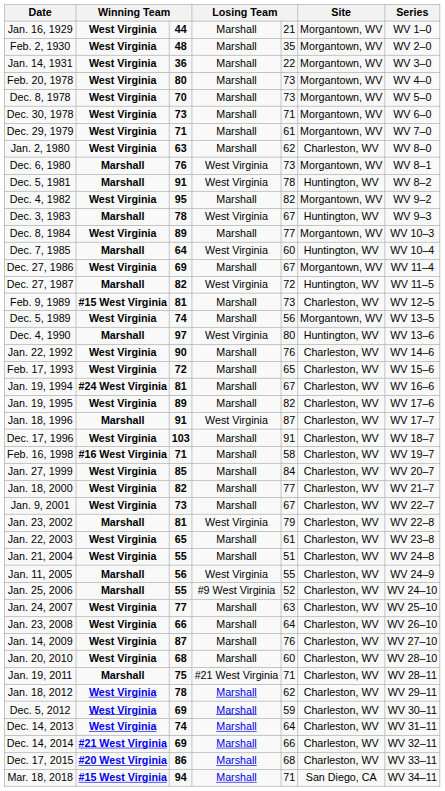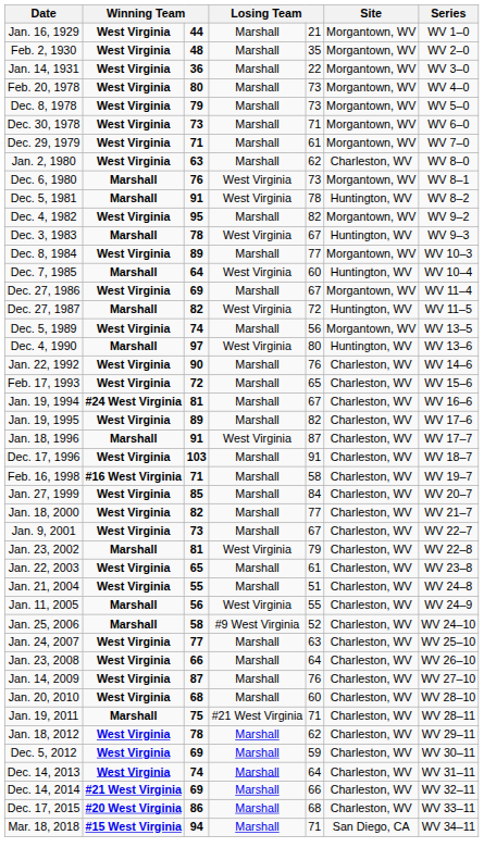 <table class="wikitable">
 <tr>
 <th bgcolor="#e5e5e5">Date</th>
 <th colspan="2" bgcolor="#e5e5e5">Winning Team</th>
 <th colspan="2" bgcolor="#e5e5e5">Losing Team</th>
 <th bgcolor="#e5e5e5">Site</th>
 <th bgcolor="#e5e5e5">Series</th>
 </tr>
 <tr align=center>
 <td>Jan. 16, 1929</td>
 <td><strong>West Virginia</strong></td>
 <td><strong>44</strong></td>
 <td>Marshall</td>
 <td>21</td>
 <td>Morgantown, WV</td>
 <td>WV 1–0</td>
 </tr>
 <tr align=center>
 <td>Feb. 2, 1930</td>
 <td><strong>West Virginia</strong></td>
 <td><strong>48</strong></td>
 <td>Marshall</td>
 <td>35</td>
 <td>Morgantown, WV</td>
 <td>WV 2–0</td>
 </tr>
 <tr align=center |->
 <td>Jan. 14, 1931</td>
 <td><strong>West Virginia</strong></td>
 <td><strong>36</strong></td>
 <td>Marshall</td>
 <td>22</td>
 <td>Morgantown, WV</td>
 <td>WV 3–0</td>
 </tr>
 <tr align=center>
 <td>Feb. 20, 1978</td>
 <td><strong>West Virginia</strong></td>
 <td><strong>80</strong></td>
 <td>Marshall</td>
 <td>73</td>
 <td>Morgantown, WV</td>
 <td>WV 4–0</td>
 </tr>
 <tr align=center>
 <td>Dec. 8, 1978</td>
 <td><strong>West Virginia</strong></td>
-<td><strong>70</strong></td>
+<td><strong>79</strong></td>
 <td>Marshall</td>
 <td>73</td>
 <td>Morgantown, WV</td>
 <td>WV 5–0</td>
 </tr>
 <tr align=center>
 <td>Dec. 30, 1978</td>
 <td><strong>West Virginia</strong></td>
 <td><strong>73</strong></td>
 <td>Marshall</td>
 <td>71</td>
 <td>Morgantown, WV</td>
 <td>WV 6–0</td>
 </tr>
 <tr align=center>
 <td>Dec. 29, 1979</td>
 <td><strong>West Virginia</strong></td>
 <td><strong>71</strong></td>
 <td>Marshall</td>
 <td>61</td>
 <td>Morgantown, WV</td>
 <td>WV 7–0</td>
 </tr>
 <tr align=center>
 <td>Jan. 2, 1980</td>
 <td><strong>West Virginia</strong></td>
 <td><strong>63</strong></td>
 <td>Marshall</td>
 <td>62</td>
 <td>Charleston, WV</td>
 <td>WV 8–0</td>
 </tr>
 <tr align=center>
 <td>Dec. 6, 1980</td>
 <td><strong>Marshall</strong></td>
 <td><strong>76</strong></td>
 <td>West Virginia</td>
 <td>73</td>
 <td>Morgantown, WV</td>
 <td>WV 8–1</td>
 </tr>
 <tr align=center>
 <td>Dec. 5, 1981</td>
 <td><strong>Marshall</strong></td>
 <td><strong>91</strong></td>
 <td>West Virginia</td>
 <td>78</td>
 <td>Huntington, WV</td>
 <td>WV 8–2</td>
 </tr>
 <tr align=center>
 <td>Dec. 4, 1982</td>
 <td><strong>West Virginia</strong></td>
 <td><strong>95</strong></td>
 <td>Marshall</td>
 <td>82</td>
 <td>Morgantown, WV</td>
 <td>WV 9–2</td>
 </tr>
 <tr align=center>
 <td>Dec. 3, 1983</td>
 <td><strong>Marshall</strong></td>
 <td><strong>78</strong></td>
 <td>West Virginia</td>
 <td>67</td>
 <td>Huntington, WV</td>
 <td>WV 9–3</td>
 </tr>
 <tr align=center>
 <td>Dec. 8, 1984</td>
 <td><strong>West Virginia</strong></td>
 <td><strong>89</strong></td>
 <td>Marshall</td>
 <td>77</td>
 <td>Morgantown, WV</td>
 <td>WV 10–3</td>
 </tr>
 <tr align=center>
 <td>Dec. 7, 1985</td>
 <td><strong>Marshall</strong></td>
 <td><strong>64</strong></td>
 <td>West Virginia</td>
 <td>60</td>
 <td>Huntington, WV</td>
 <td>WV 10–4</td>
 </tr>
 <tr align=center>
 <td>Dec. 27, 1986</td>
 <td><strong>West Virginia</strong></td>
 <td><strong>69</strong></td>
 <td>Marshall</td>
 <td>67</td>
 <td>Morgantown, WV</td>
 <td>WV 11–4</td>
 </tr>
 <tr align=center>
 <td>Dec. 27, 1987</td>
 <td><strong>Marshall</strong></td>
 <td><strong>82</strong></td>
 <td>West Virginia</td>
 <td>72</td>
 <td>Huntington, WV</td>
 <td>WV 11–5</td>
-</tr>
-<tr align=center>
-<td>Feb. 9, 1989</td>
-<td><strong>#15 West Virginia</strong></td>
-<td><strong>81</strong></td>
-<td>Marshall</td>
-<td>73</td>
-<td>Charleston, WV</td>
-<td>WV 12–5</td>
 </tr>
 <tr align=center>
 <td>Dec. 5, 1989</td>
 <td><strong>West Virginia</strong></td>
 <td><strong>74</strong></td>
 <td>Marshall</td>
 <td>56</td>
 <td>Morgantown, WV</td>
 <td>WV 13–5</td>
 </tr>
 <tr align=center>
 <td>Dec. 4, 1990</td>
 <td><strong>Marshall</strong></td>
 <td><strong>97</strong></td>
 <td>West Virginia</td>
 <td>80</td>
 <td>Huntington, WV</td>
 <td>WV 13–6</td>
 </tr>
 <tr align=center>
 <td>Jan. 22, 1992</td>
 <td><strong>West Virginia</strong></td>
 <td><strong>90</strong></td>
 <td>Marshall</td>
 <td>76</td>
 <td>Charleston, WV</td>
 <td>WV 14–6</td>
 </tr>
 <tr align=center>
 <td>Feb. 17, 1993</td>
 <td><strong>West Virginia</strong></td>
 <td><strong>72</strong></td>
 <td>Marshall</td>
 <td>65</td>
 <td>Charleston, WV</td>
 <td>WV 15–6</td>
 </tr>
 <tr align=center>
 <td>Jan. 19, 1994</td>
 <td><strong>#24 West Virginia</strong></td>
 <td><strong>81</strong></td>
 <td>Marshall</td>
 <td>67</td>
 <td>Charleston, WV</td>
 <td>WV 16–6</td>
 </tr>
 <tr align=center>
 <td>Jan. 19, 1995</td>
 <td><strong>West Virginia</strong></td>
 <td><strong>89</strong></td>
 <td>Marshall</td>
 <td>82</td>
 <td>Charleston, WV</td>
 <td>WV 17–6</td>
 </tr>
 <tr align=center>
 <td>Jan. 18, 1996</td>
 <td><strong>Marshall</strong></td>
 <td><strong>91</strong></td>
 <td>West Virginia</td>
 <td>87</td>
 <td>Charleston, WV</td>
 <td>WV 17–7</td>
 </tr>
 <tr align=center>
 <td>Dec. 17, 1996</td>
 <td><strong>West Virginia</strong></td>
 <td><strong>103</strong></td>
 <td>Marshall</td>
 <td>91</td>
 <td>Charleston, WV</td>
 <td>WV 18–7</td>
 </tr>
 <tr align=center>
 <td>Feb. 16, 1998</td>
 <td><strong>#16 West Virginia</strong></td>
 <td><strong>71</strong></td>
 <td>Marshall</td>
 <td>58</td>
 <td>Charleston, WV</td>
 <td>WV 19–7</td>
 </tr>
 <tr align=center>
 <td>Jan. 27, 1999</td>
 <td><strong>West Virginia</strong></td>
 <td><strong>85</strong></td>
 <td>Marshall</td>
 <td>84</td>
 <td>Charleston, WV</td>
 <td>WV 20–7</td>
 </tr>
 <tr align=center>
 <td>Jan. 18, 2000</td>
 <td><strong>West Virginia</strong></td>
 <td><strong>82</strong></td>
 <td>Marshall</td>
 <td>77</td>
 <td>Charleston, WV</td>
 <td>WV 21–7</td>
 </tr>
 <tr align=center>
 <td>Jan. 9, 2001</td>
 <td><strong>West Virginia</strong></td>
 <td><strong>73</strong></td>
 <td>Marshall</td>
 <td>67</td>
 <td>Charleston, WV</td>
 <td>WV 22–7</td>
 </tr>
 <tr align=center>
 <td>Jan. 23, 2002</td>
 <td><strong>Marshall</strong></td>
 <td><strong>81</strong></td>
 <td>West Virginia</td>
 <td>79</td>
 <td>Charleston, WV</td>
 <td>WV 22–8</td>
 </tr>
 <tr align=center>
 <td>Jan. 22, 2003</td>
 <td><strong>West Virginia</strong></td>
 <td><strong>65</strong></td>
 <td>Marshall</td>
 <td>61</td>
 <td>Charleston, WV</td>
 <td>WV 23–8</td>
 </tr>
 <tr align=center>
 <td>Jan. 21, 2004</td>
 <td><strong>West Virginia</strong></td>
 <td><strong>55</strong></td>
 <td>Marshall</td>
 <td>51</td>
 <td>Charleston, WV</td>
 <td>WV 24–8</td>
 </tr>
 <tr align=center>
 <td>Jan. 11, 2005</td>
 <td><strong>Marshall</strong></td>
 <td><strong>56</strong></td>
 <td>West Virginia</td>
 <td>55</td>
 <td>Charleston, WV</td>
 <td>WV 24–9</td>
 </tr>
 <tr align=center>
 <td>Jan. 25, 2006</td>
 <td><strong>Marshall</strong></td>
-<td><strong>55</strong></td>
+<td><strong>58</strong></td>
 <td>#9 West Virginia</td>
 <td>52</td>
 <td>Charleston, WV</td>
 <td>WV 24–10</td>
 </tr>
 <tr align=center>
 <td>Jan. 24, 2007</td>
 <td><strong>West Virginia</strong></td>
 <td><strong>77</strong></td>
 <td>Marshall</td>
 <td>63</td>
 <td>Charleston, WV</td>
 <td>WV 25–10</td>
 </tr>
 <tr align=center>
 <td>Jan. 23, 2008</td>
 <td><strong>West Virginia</strong></td>
 <td><strong>66</strong></td>
 <td>Marshall</td>
 <td>64</td>
 <td>Charleston, WV</td>
 <td>WV 26–10</td>
 </tr>
 <tr align=center>
 <td>Jan. 14, 2009</td>
 <td><strong>West Virginia</strong></td>
 <td><strong>87</strong></td>
 <td>Marshall</td>
 <td>76</td>
 <td>Charleston, WV</td>
 <td>WV 27–10</td>
 </tr>
 <tr align=center>
 <td>Jan. 20, 2010</td>
 <td><strong>West Virginia</strong></td>
 <td><strong>68</strong></td>
 <td>Marshall</td>
 <td>60</td>
 <td>Charleston, WV</td>
 <td>WV 28–10</td>
 </tr>
 <tr align=center>
 <td>Jan. 19, 2011</td>
 <td><strong>Marshall</strong></td>
 <td><strong>75</strong></td>
 <td>#21 West Virginia</td>
 <td>71</td>
 <td>Charleston, WV</td>
 <td>WV 28–11</td>
 </tr>
 <tr align=center>
 <td>Jan. 18, 2012</td>
 <td><a href='#'><span><strong>West Virginia</strong> </span></a></td>
 <td><strong>78</strong></td>
 <td><a href='#'><span>Marshall</span></a></td>
 <td>62</td>
 <td>Charleston, WV</td>
 <td>WV 29–11</td>
 </tr>
 <tr align=center>
 <td>Dec. 5, 2012</td>
 <td><a href='#'><span><strong>West Virginia</strong> </span></a></td>
 <td><strong>69</strong></td>
 <td><a href='#'><span>Marshall</span></a></td>
 <td>59</td>
 <td>Charleston, WV</td>
 <td>WV 30–11</td>
 </tr>
 <tr align=center>
 <td>Dec. 14, 2013</td>
 <td><a href='#'><span><strong>West Virginia</strong> </span></a></td>
 <td><strong>74</strong></td>
 <td><a href='#'><span>Marshall</span></a></td>
 <td>64</td>
 <td>Charleston, WV</td>
 <td>WV 31–11</td>
 </tr>
 <tr align=center>
 <td>Dec. 14, 2014</td>
 <td><a href='#'><span><strong>#21 West Virginia</strong> </span></a></td>
 <td><strong>69</strong></td>
 <td><a href='#'><span>Marshall</span></a></td>
 <td>66</td>
 <td>Charleston, WV</td>
 <td>WV 32–11</td>
 </tr>
 <tr align=center>
 <td>Dec. 17, 2015</td>
 <td><a href='#'><span><strong>#20 West Virginia</strong> </span></a></td>
 <td><strong>86</strong></td>
 <td><a href='#'><span>Marshall</span></a></td>
 <td>68</td>
 <td>Charleston, WV</td>
 <td>WV 33–11</td>
 </tr>
 <tr align=center>
 <td>Mar. 18, 2018</td>
 <td><a href='#'><span><strong>#15 West Virginia</strong> </span></a></td>
 <td><strong>94</strong></td>
 <td><a href='#'><span>Marshall</span></a></td>
 <td>71</td>
 <td>San Diego, CA</td>
 <td>WV 34–11</td>
 </tr>
 </table>
